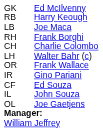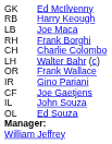 <table cellspacing="0" cellpadding="0" style="font-size:90%; margin:auto;">
 <tr>
 <th width=25></th>
 <th width=25></th>
 </tr>
 <tr>
 <td>GK</td>
 <td></td>
 <td><a href='#'>Ed McIlvenny</a></td>
 </tr>
 <tr>
 <td>RB</td>
 <td></td>
 <td><a href='#'>Harry Keough</a></td>
 </tr>
 <tr>
 <td>LB</td>
 <td></td>
 <td><a href='#'>Joe Maca</a></td>
 </tr>
 <tr>
 <td>RH</td>
 <td></td>
 <td><a href='#'>Frank Borghi</a></td>
 </tr>
 <tr>
 <td>CH</td>
 <td></td>
 <td><a href='#'>Charlie Colombo</a></td>
 </tr>
 <tr>
 <td>LH</td>
 <td></td>
 <td><a href='#'>Walter Bahr</a> (<a href='#'>c</a>)</td>
 </tr>
 <tr>
 <td>OR</td>
 <td></td>
 <td><a href='#'>Frank Wallace</a></td>
 </tr>
 <tr>
 <td>IR</td>
 <td></td>
 <td><a href='#'>Gino Pariani</a></td>
 </tr>
 <tr>
 <td>CF</td>
 <td></td>
-<td><a href='#'>Ed Souza</a></td>
+<td><a href='#'>Joe Gaetjens</a></td>
 </tr>
 <tr>
 <td>IL</td>
 <td></td>
 <td><a href='#'>John Souza</a></td>
 </tr>
 <tr>
 <td>OL</td>
 <td></td>
-<td><a href='#'>Joe Gaetjens</a></td>
+<td><a href='#'>Ed Souza</a></td>
 </tr>
 <tr>
 <td colspan=4><strong>Manager:</strong></td>
 </tr>
 <tr>
 <td colspan="4"><a href='#'>William Jeffrey</a></td>
 </tr>
 </table>
